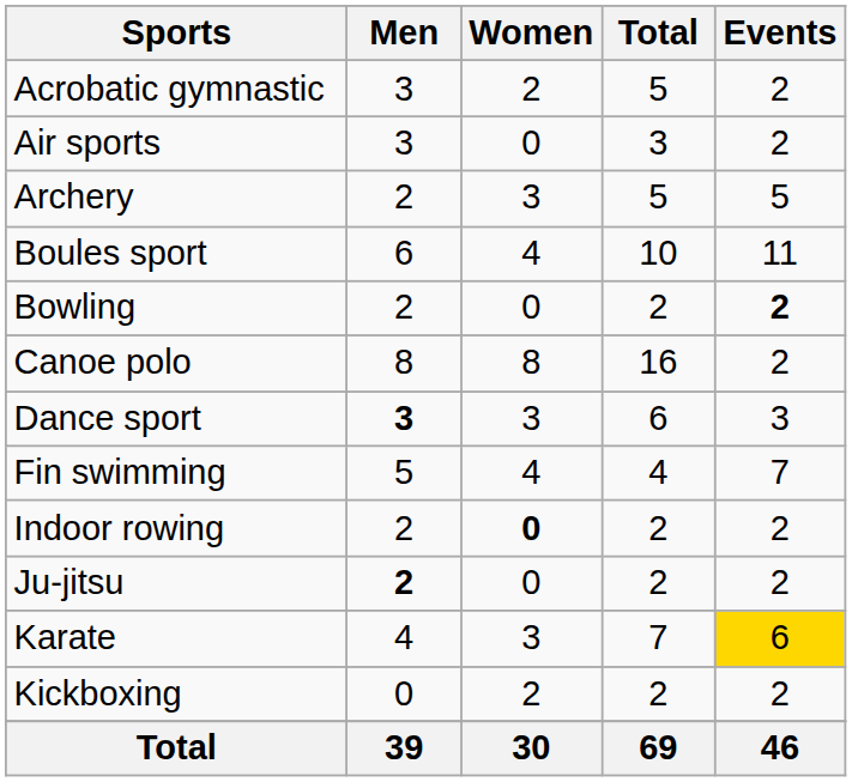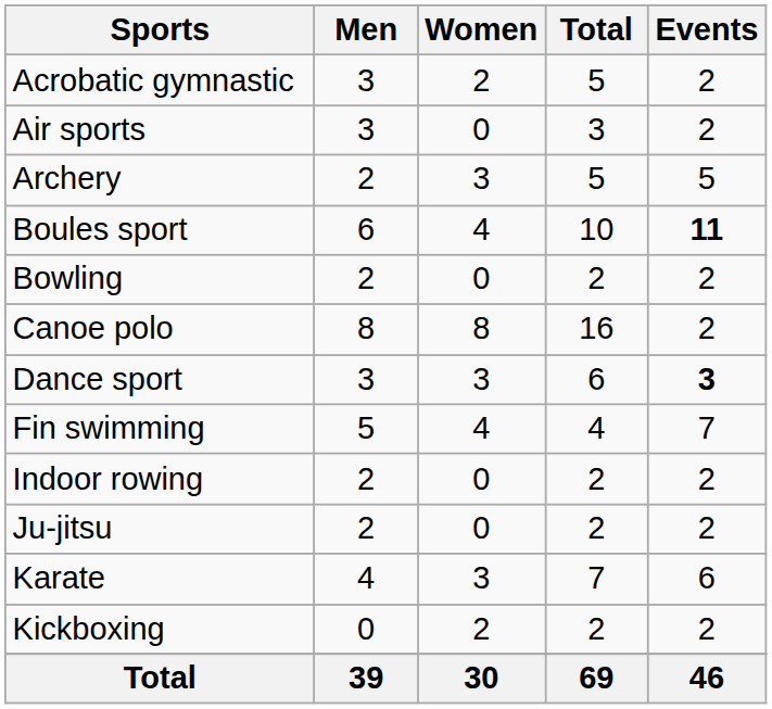 <table class="wikitable sortable" style="text-align:center;">
 <tr>
 <th width=150>Sports</th>
 <th width=45>Men</th>
 <th width=45>Women</th>
 <th width=45>Total</th>
 <th width=45>Events</th>
 </tr>
 <tr>
 <td align=left>Acrobatic gymnastic</td>
 <td>3</td>
 <td>2</td>
 <td>5</td>
 <td>2</td>
 </tr>
 <tr>
 <td align=left>Air sports</td>
 <td>3</td>
 <td>0</td>
 <td>3</td>
 <td>2</td>
 </tr>
 <tr>
 <td align=left>Archery</td>
 <td>2</td>
 <td>3</td>
 <td>5</td>
 <td>5</td>
 </tr>
 <tr>
 <td align=left>Boules sport</td>
 <td>6</td>
 <td>4</td>
 <td>10</td>
-<td>11</td>
+<td><strong>11</strong></td>
 </tr>
 <tr>
 <td align=left>Bowling</td>
 <td>2</td>
 <td>0</td>
 <td>2</td>
-<td><strong>2</strong></td>
+<td>2</td>
 </tr>
 <tr>
 <td align=left>Canoe polo</td>
 <td>8</td>
 <td>8</td>
 <td>16</td>
 <td>2</td>
 </tr>
 <tr>
 <td align=left>Dance sport</td>
-<td><strong>3</strong></td>
+<td>3</td>
 <td>3</td>
 <td>6</td>
-<td>3</td>
+<td><strong>3</strong></td>
 </tr>
 <tr>
 <td align=left>Fin swimming</td>
 <td>5</td>
 <td>4</td>
 <td>4</td>
 <td>7</td>
 </tr>
 <tr>
 <td align=left>Indoor rowing</td>
 <td>2</td>
-<td><strong>0</strong></td>
+<td>0</td>
 <td>2</td>
 <td>2</td>
 </tr>
 <tr>
 <td align=left>Ju-jitsu</td>
-<td><strong>2</strong></td>
+<td>2</td>
 <td>0</td>
 <td>2</td>
 <td>2</td>
 </tr>
 <tr>
 <td align=left>Karate</td>
 <td>4</td>
 <td>3</td>
 <td>7</td>
-<td style="background: gold;">6</td>
+<td>6</td>
 </tr>
 <tr>
 <td align=left>Kickboxing</td>
 <td>0</td>
 <td>2</td>
 <td>2</td>
 <td>2</td>
 </tr>
 <tr>
 </tr>
 <tr class="sortbottom">
 <th>Total</th>
 <th>39</th>
 <th>30</th>
 <th>69</th>
 <th>46</th>
 </tr>
 </table>
